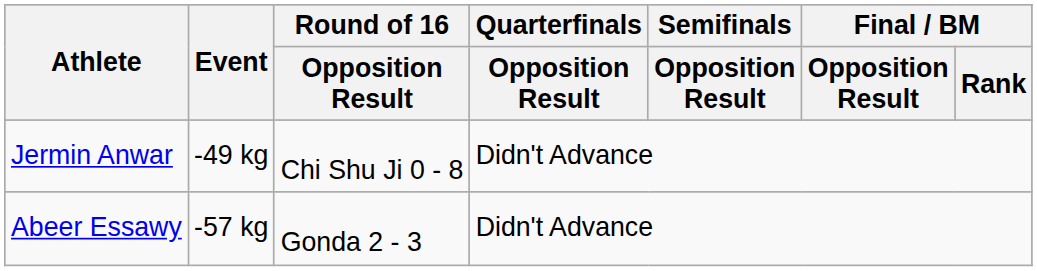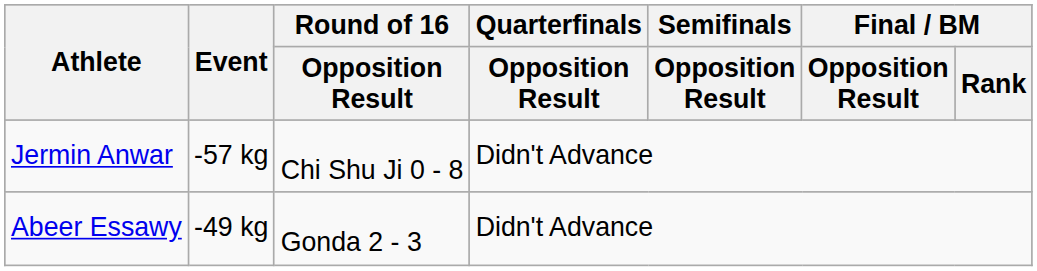 <table class="wikitable">
 <tr>
 <th rowspan="2">Athlete</th>
 <th rowspan="2">Event</th>
 <th>Round of 16</th>
 <th>Quarterfinals</th>
 <th>Semifinals</th>
 <th colspan="2">Final / <abbr>BM</abbr></th>
 </tr>
 <tr>
 <th>Opposition<br>Result</th>
 <th>Opposition<br>Result</th>
 <th>Opposition<br>Result</th>
 <th>Opposition<br>Result</th>
 <th>Rank</th>
 </tr>
 <tr>
 <td><a href='#'>Jermin Anwar</a></td>
-<td>-49 kg</td>
+<td>-57 kg</td>
 <td><br>Chi Shu Ji 0 - 8</td>
 <td colspan="4">Didn't Advance</td>
 </tr>
 <tr>
 <td><a href='#'>Abeer Essawy</a></td>
-<td>-57 kg</td>
+<td>-49 kg</td>
 <td><br>Gonda 2 - 3</td>
 <td colspan="4">Didn't Advance</td>
 </tr>
 </table>
